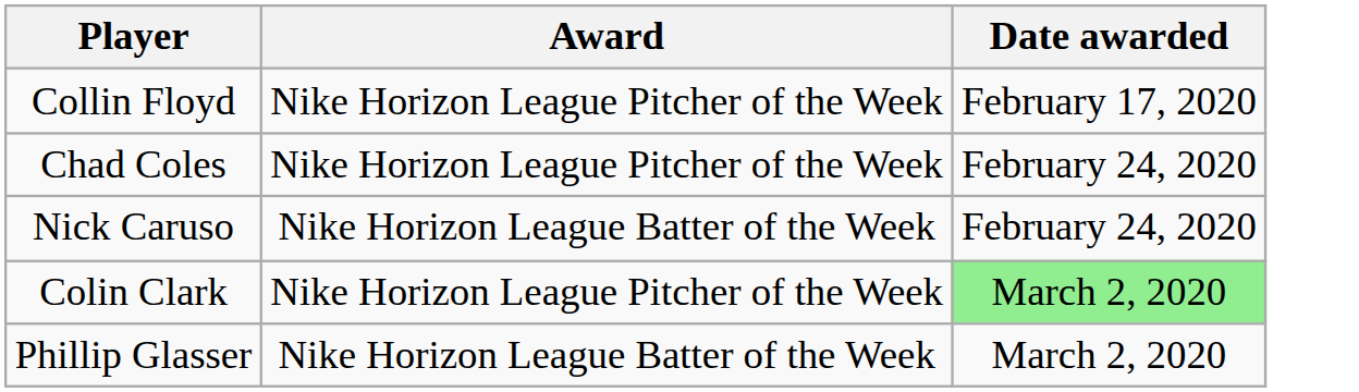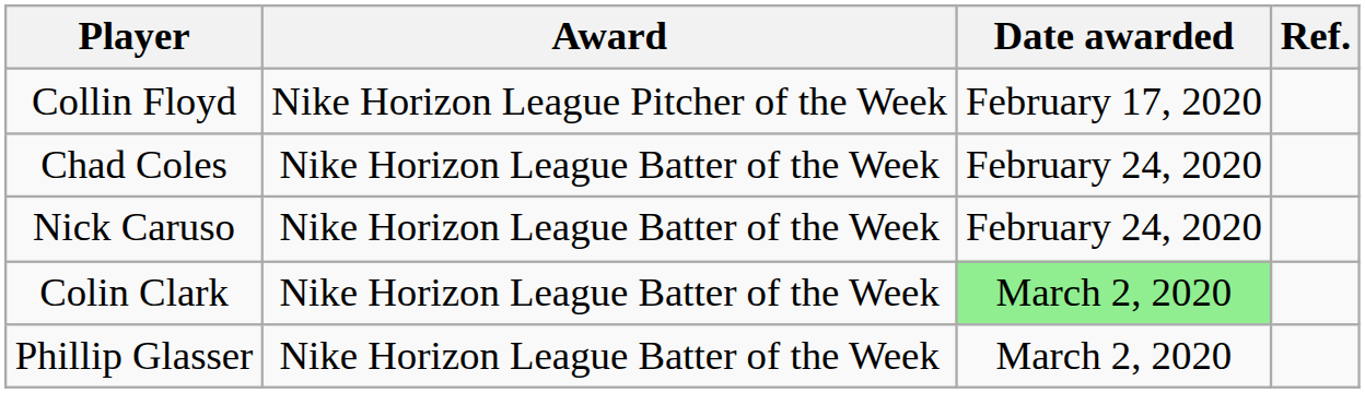 <table class="wikitable sortable sortable" style="text-align: center">
 <tr align=center>
 <th>Player</th>
 <th>Award</th>
 <th>Date awarded</th>
+<th>Ref.</th>
 </tr>
 <tr>
 <td>Collin Floyd</td>
 <td rowspan="1">Nike Horizon League Pitcher of the Week</td>
 <td rowspan="1">February 17, 2020</td>
+<td rowspan="1"></td>
 </tr>
 <tr>
 <td>Chad Coles</td>
-<td rowspan="1">Nike Horizon League Pitcher of the Week</td>
+<td rowspan="1">Nike Horizon League Batter of the Week</td>
 <td rowspan="1">February 24, 2020</td>
+<td rowspan="1"></td>
 </tr>
 <tr>
 <td>Nick Caruso</td>
 <td rowspan="1">Nike Horizon League Batter of the Week</td>
 <td rowspan="1">February 24, 2020</td>
+<td rowspan="1"></td>
 </tr>
 <tr>
 <td>Colin Clark</td>
-<td rowspan="1">Nike Horizon League Pitcher of the Week</td>
+<td rowspan="1">Nike Horizon League Batter of the Week</td>
 <td rowspan="1" style="background: lightgreen;">March 2, 2020</td>
+<td rowspan="1"></td>
 </tr>
 <tr>
 <td>Phillip Glasser</td>
 <td rowspan="1">Nike Horizon League Batter of the Week</td>
 <td rowspan="1">March 2, 2020</td>
+<td rowspan="1"></td>
 </tr>
 </table>
